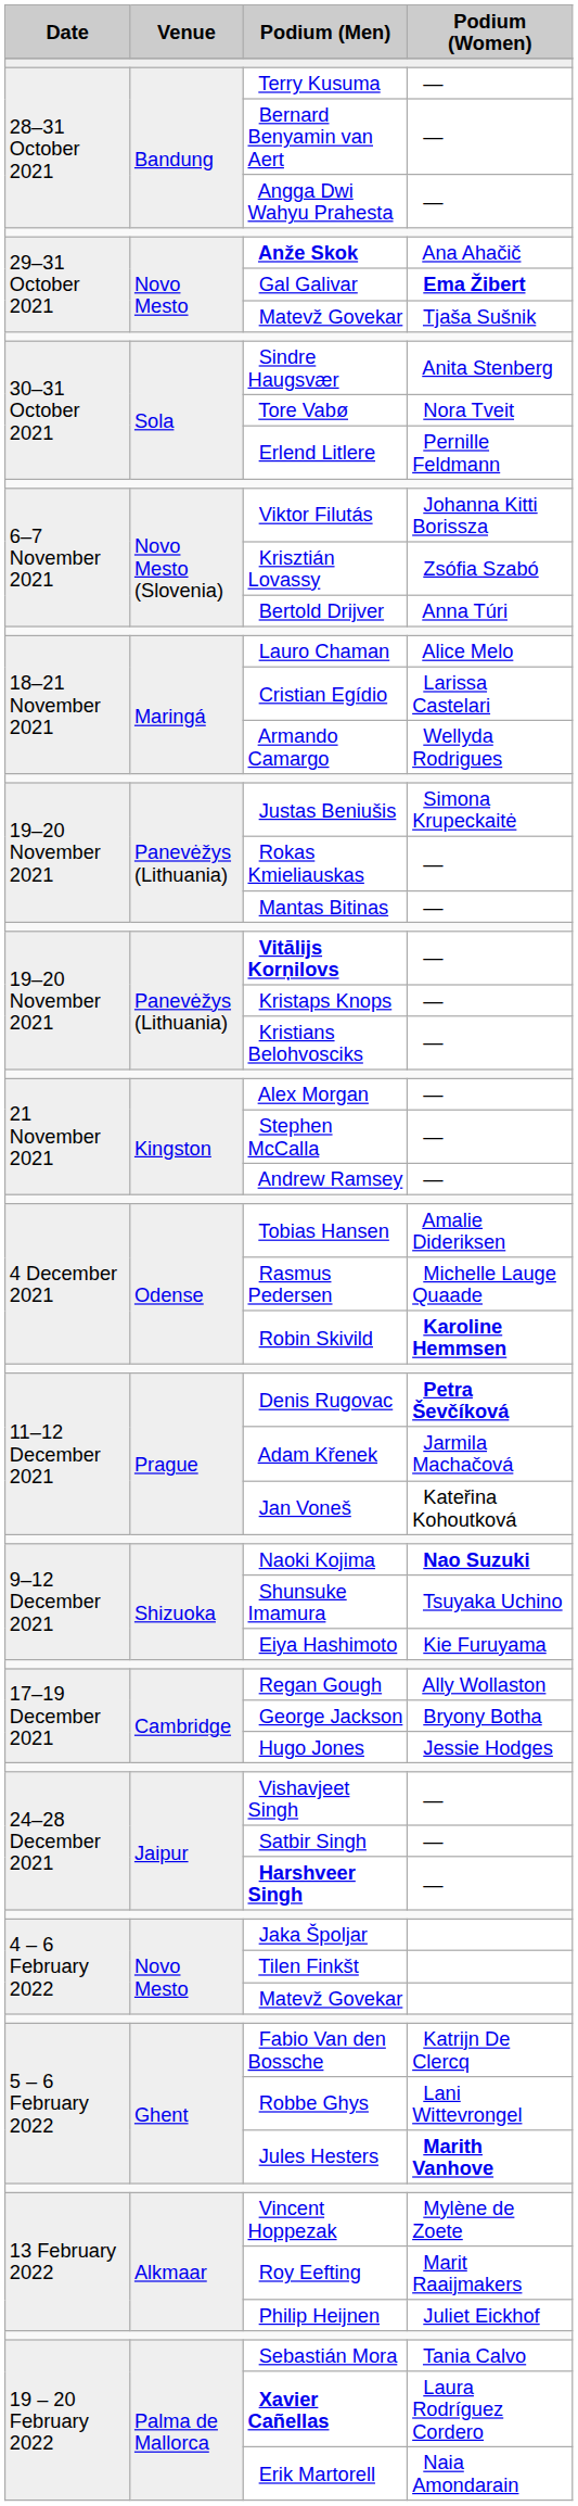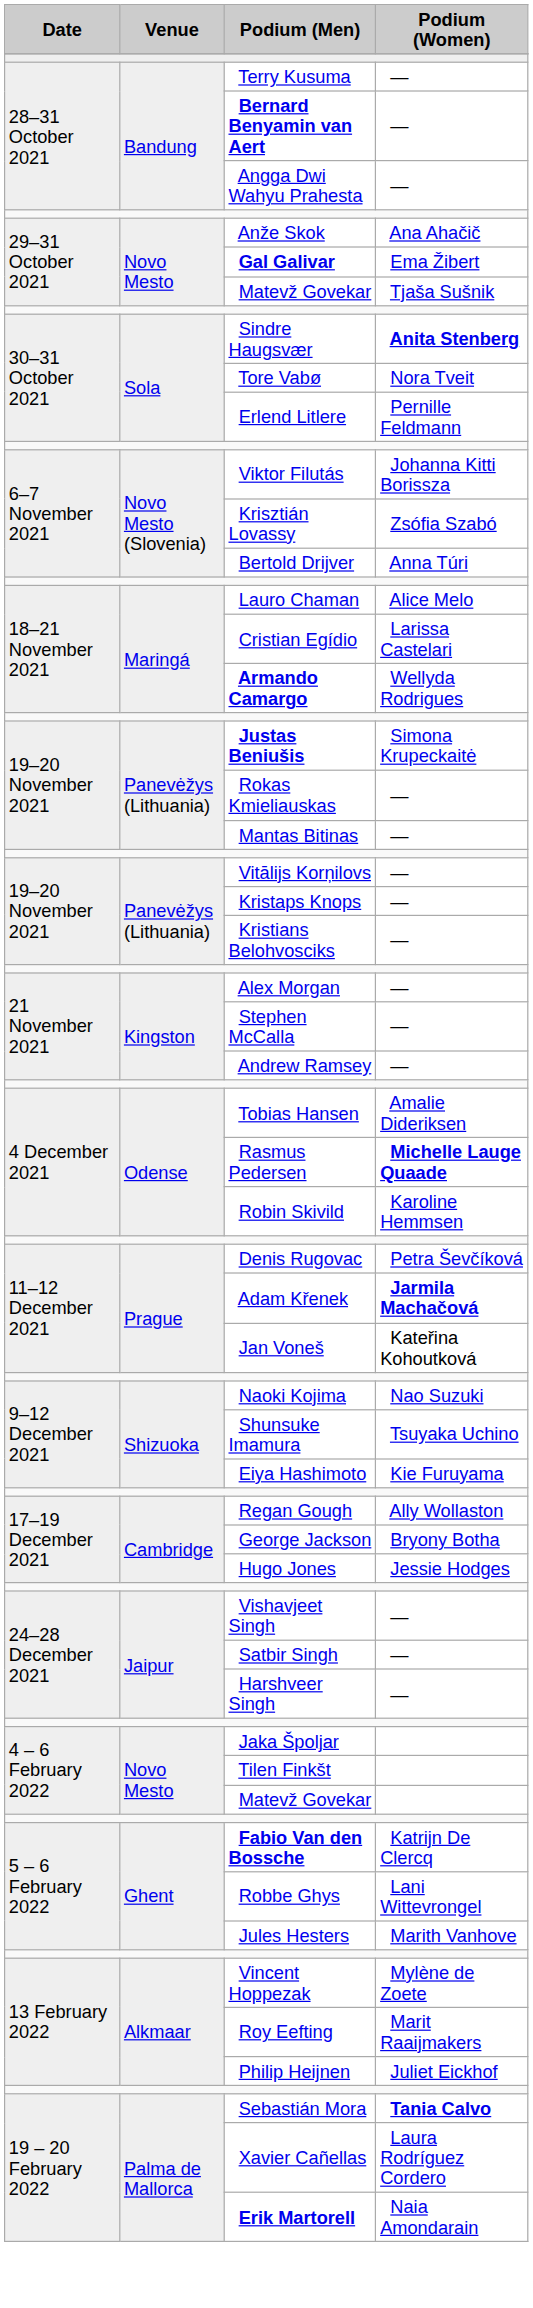 <table class="wikitable" width=70% bgcolor="#f7f8ff" cellpadding="3" cellspacing="0" border="1" style="font-size: 95%; border: gray solid 1px; border-collapse: collapse;">
 <tr bgcolor="#CCCCCC">
 <td align="center"><strong>Date</strong></td>
 <td width=20% align="center"><strong>Venue</strong></td>
 <td width=29% align="center"><strong>Podium (Men)</strong></td>
 <td width=29% align="center"><strong>Podium (Women)</strong></td>
 </tr>
 <tr bgcolor="#EFEFEF">
 </tr>
 <tr>
 </tr>
 <tr bgcolor="#EFEFEF">
 <td colspan=4></td>
 </tr>
 <tr bgcolor="#EFEFEF">
 <td rowspan=3>28–31 October 2021</td>
 <td rowspan=3><br><a href='#'>Bandung</a></td>
 <td bgcolor="#ffffff">   <a href='#'>Terry Kusuma</a></td>
 <td bgcolor="#ffffff">   —</td>
 </tr>
 <tr>
-<td bgcolor="#ffffff">   <a href='#'>Bernard Benyamin van Aert</a></td>
+<td bgcolor="#ffffff"><strong>   <a href='#'>Bernard Benyamin van Aert</a></strong></td>
 <td bgcolor="#ffffff">   —</td>
 </tr>
 <tr>
 <td bgcolor="#ffffff">   <a href='#'>Angga Dwi Wahyu Prahesta</a></td>
 <td bgcolor="#ffffff">   —</td>
 </tr>
 <tr>
 <td colspan=4></td>
 </tr>
 <tr bgcolor="#EFEFEF">
 <td rowspan=3>29–31 October 2021</td>
 <td rowspan=3><br><a href='#'>Novo Mesto</a></td>
-<td bgcolor="#ffffff"><strong>   <a href='#'>Anže Skok</a></strong></td>
+<td bgcolor="#ffffff">   <a href='#'>Anže Skok</a></td>
 <td bgcolor="#ffffff">   <a href='#'>Ana Ahačič</a></td>
 </tr>
 <tr>
-<td bgcolor="#ffffff">   <a href='#'>Gal Galivar</a></td>
-<td bgcolor="#ffffff"><strong>   <a href='#'>Ema Žibert</a></strong></td>
+<td bgcolor="#ffffff"><strong>   <a href='#'>Gal Galivar</a></strong></td>
+<td bgcolor="#ffffff">   <a href='#'>Ema Žibert</a></td>
 </tr>
 <tr>
 <td bgcolor="#ffffff">   <a href='#'>Matevž Govekar</a></td>
 <td bgcolor="#ffffff">   <a href='#'>Tjaša Sušnik</a></td>
 </tr>
 <tr>
 <td colspan=4></td>
 </tr>
 <tr bgcolor="#EFEFEF">
 <td rowspan=3>30–31 October 2021</td>
 <td rowspan=3><br><a href='#'>Sola</a></td>
 <td bgcolor="#ffffff">   <a href='#'>Sindre Haugsvær</a></td>
-<td bgcolor="#ffffff">   <a href='#'>Anita Stenberg</a></td>
+<td bgcolor="#ffffff"><strong>   <a href='#'>Anita Stenberg</a></strong></td>
 </tr>
 <tr>
 <td bgcolor="#ffffff">   <a href='#'>Tore Vabø</a></td>
 <td bgcolor="#ffffff">   <a href='#'>Nora Tveit</a></td>
 </tr>
 <tr>
 <td bgcolor="#ffffff">   <a href='#'>Erlend Litlere</a></td>
 <td bgcolor="#ffffff">   <a href='#'>Pernille Feldmann</a></td>
 </tr>
 <tr>
 <td colspan=4></td>
 </tr>
 <tr bgcolor="#EFEFEF">
 <td rowspan=3>6–7 November 2021</td>
 <td rowspan=3><br><a href='#'>Novo Mesto</a> (Slovenia)</td>
 <td bgcolor="#ffffff">   <a href='#'>Viktor Filutás</a></td>
 <td bgcolor="#ffffff">   <a href='#'>Johanna Kitti Borissza</a></td>
 </tr>
 <tr>
 <td bgcolor="#ffffff">   <a href='#'>Krisztián Lovassy</a></td>
 <td bgcolor="#ffffff">   <a href='#'>Zsófia Szabó</a></td>
 </tr>
 <tr>
 <td bgcolor="#ffffff">   <a href='#'>Bertold Drijver</a></td>
 <td bgcolor="#ffffff">   <a href='#'>Anna Túri</a></td>
 </tr>
 <tr>
 <td colspan=4></td>
 </tr>
 <tr bgcolor="#EFEFEF">
 <td rowspan=3>18–21 November 2021</td>
 <td rowspan=3><br><a href='#'>Maringá</a></td>
 <td bgcolor="#ffffff">   <a href='#'>Lauro Chaman</a></td>
 <td bgcolor="#ffffff">   <a href='#'>Alice Melo</a></td>
 </tr>
 <tr>
 <td bgcolor="#ffffff">   <a href='#'>Cristian Egídio</a></td>
 <td bgcolor="#ffffff">   <a href='#'>Larissa Castelari</a></td>
 </tr>
 <tr>
-<td bgcolor="#ffffff">   <a href='#'>Armando Camargo</a></td>
+<td bgcolor="#ffffff"><strong>   <a href='#'>Armando Camargo</a></strong></td>
 <td bgcolor="#ffffff">   <a href='#'>Wellyda Rodrigues</a></td>
 </tr>
 <tr>
 <td colspan=4></td>
 </tr>
 <tr bgcolor="#EFEFEF">
 <td rowspan=3>19–20 November 2021</td>
 <td rowspan=3><br><a href='#'>Panevėžys</a> (Lithuania)</td>
-<td bgcolor="#ffffff">   <a href='#'>Justas Beniušis</a></td>
+<td bgcolor="#ffffff"><strong>   <a href='#'>Justas Beniušis</a></strong></td>
 <td bgcolor="#ffffff">   <a href='#'>Simona Krupeckaitė</a></td>
 </tr>
 <tr>
 <td bgcolor="#ffffff">   <a href='#'>Rokas Kmieliauskas</a></td>
 <td bgcolor="#ffffff">   —</td>
 </tr>
 <tr>
 <td bgcolor="#ffffff">   <a href='#'>Mantas Bitinas</a></td>
 <td bgcolor="#ffffff">   —</td>
 </tr>
 <tr>
 <td colspan=4></td>
 </tr>
 <tr bgcolor="#EFEFEF">
 <td rowspan=3>19–20 November 2021</td>
 <td rowspan=3><br><a href='#'>Panevėžys</a> (Lithuania)</td>
-<td bgcolor="#ffffff"><strong>   <a href='#'>Vitālijs Korņilovs</a></strong></td>
+<td bgcolor="#ffffff">   <a href='#'>Vitālijs Korņilovs</a></td>
 <td bgcolor="#ffffff">   —</td>
 </tr>
 <tr>
 <td bgcolor="#ffffff">   <a href='#'>Kristaps Knops</a></td>
 <td bgcolor="#ffffff">   —</td>
 </tr>
 <tr>
 <td bgcolor="#ffffff">   <a href='#'>Kristians Belohvosciks</a></td>
 <td bgcolor="#ffffff">   —</td>
 </tr>
 <tr>
 <td colspan=4></td>
 </tr>
 <tr bgcolor="#EFEFEF">
 <td rowspan=3>21 November 2021</td>
 <td rowspan=3><br><a href='#'>Kingston</a></td>
 <td bgcolor="#ffffff">   <a href='#'>Alex Morgan</a></td>
 <td bgcolor="#ffffff">   —</td>
 </tr>
 <tr>
 <td bgcolor="#ffffff">   <a href='#'>Stephen McCalla</a></td>
 <td bgcolor="#ffffff">   —</td>
 </tr>
 <tr>
 <td bgcolor="#ffffff">   <a href='#'>Andrew Ramsey</a></td>
 <td bgcolor="#ffffff">   —</td>
 </tr>
 <tr>
 <td colspan=4></td>
 </tr>
 <tr bgcolor="#EFEFEF">
 <td rowspan=3>4 December 2021</td>
 <td rowspan=3><br><a href='#'>Odense</a></td>
 <td bgcolor="#ffffff">   <a href='#'>Tobias Hansen</a></td>
 <td bgcolor="#ffffff">   <a href='#'>Amalie Dideriksen</a></td>
 </tr>
 <tr>
 <td bgcolor="#ffffff">   <a href='#'>Rasmus Pedersen</a></td>
-<td bgcolor="#ffffff">   <a href='#'>Michelle Lauge Quaade</a></td>
+<td bgcolor="#ffffff"><strong>   <a href='#'>Michelle Lauge Quaade</a></strong></td>
 </tr>
 <tr>
 <td bgcolor="#ffffff">   <a href='#'>Robin Skivild</a></td>
-<td bgcolor="#ffffff"><strong>   <a href='#'>Karoline Hemmsen</a></strong></td>
+<td bgcolor="#ffffff">   <a href='#'>Karoline Hemmsen</a></td>
 </tr>
 <tr>
 <td colspan=4></td>
 </tr>
 <tr bgcolor="#EFEFEF">
 <td rowspan=3>11–12 December 2021</td>
 <td rowspan=3><br><a href='#'>Prague</a></td>
 <td bgcolor="#ffffff">   <a href='#'>Denis Rugovac</a></td>
-<td bgcolor="#ffffff"><strong>   <a href='#'>Petra Ševčíková</a></strong></td>
+<td bgcolor="#ffffff">   <a href='#'>Petra Ševčíková</a></td>
 </tr>
 <tr>
 <td bgcolor="#ffffff">   <a href='#'>Adam Křenek</a></td>
-<td bgcolor="#ffffff">   <a href='#'>Jarmila Machačová</a></td>
+<td bgcolor="#ffffff"><strong>   <a href='#'>Jarmila Machačová</a></strong></td>
 </tr>
 <tr>
 <td bgcolor="#ffffff">   <a href='#'>Jan Voneš</a></td>
 <td bgcolor="#ffffff">   Kateřina Kohoutková</td>
 </tr>
 <tr>
 <td colspan=4></td>
 </tr>
 <tr bgcolor="#EFEFEF">
 <td rowspan=3>9–12 December 2021</td>
 <td rowspan=3><br><a href='#'>Shizuoka</a></td>
 <td bgcolor="#ffffff">   <a href='#'>Naoki Kojima</a></td>
-<td bgcolor="#ffffff"><strong>   <a href='#'>Nao Suzuki</a></strong></td>
+<td bgcolor="#ffffff">   <a href='#'>Nao Suzuki</a></td>
 </tr>
 <tr>
 <td bgcolor="#ffffff">   <a href='#'>Shunsuke Imamura</a></td>
 <td bgcolor="#ffffff">   <a href='#'>Tsuyaka Uchino</a></td>
 </tr>
 <tr>
 <td bgcolor="#ffffff">   <a href='#'>Eiya Hashimoto</a></td>
 <td bgcolor="#ffffff">   <a href='#'>Kie Furuyama</a></td>
 </tr>
 <tr>
 <td colspan=4></td>
 </tr>
 <tr bgcolor="#EFEFEF">
 <td rowspan=3>17–19 December 2021</td>
 <td rowspan=3><br><a href='#'>Cambridge</a></td>
 <td bgcolor="#ffffff">   <a href='#'>Regan Gough</a></td>
 <td bgcolor="#ffffff">   <a href='#'>Ally Wollaston</a></td>
 </tr>
 <tr>
 <td bgcolor="#ffffff">   <a href='#'>George Jackson</a></td>
 <td bgcolor="#ffffff">   <a href='#'>Bryony Botha</a></td>
 </tr>
 <tr>
 <td bgcolor="#ffffff">   <a href='#'>Hugo Jones</a></td>
 <td bgcolor="#ffffff">   <a href='#'>Jessie Hodges</a></td>
 </tr>
 <tr>
 <td colspan=4></td>
 </tr>
 <tr bgcolor="#EFEFEF">
 <td rowspan=3>24–28 December 2021</td>
 <td rowspan=3><br><a href='#'>Jaipur</a></td>
 <td bgcolor="#ffffff">   <a href='#'>Vishavjeet Singh</a></td>
 <td bgcolor="#ffffff">   —</td>
 </tr>
 <tr>
 <td bgcolor="#ffffff">   <a href='#'>Satbir Singh</a></td>
 <td bgcolor="#ffffff">   —</td>
 </tr>
 <tr>
-<td bgcolor="#ffffff"><strong>   <a href='#'>Harshveer Singh</a></strong></td>
+<td bgcolor="#ffffff">   <a href='#'>Harshveer Singh</a></td>
 <td bgcolor="#ffffff">   —</td>
 </tr>
 <tr>
 <td colspan=4></td>
 </tr>
 <tr bgcolor="#EFEFEF">
 <td rowspan=3>4 – 6 February 2022</td>
 <td rowspan=3><br><a href='#'>Novo Mesto</a></td>
 <td bgcolor="#ffffff">   <a href='#'>Jaka Špoljar</a></td>
 <td bgcolor="#ffffff">   <a href='#'></a></td>
 </tr>
 <tr>
 <td bgcolor="#ffffff">   <a href='#'>Tilen Finkšt</a></td>
 <td bgcolor="#ffffff">   <a href='#'></a></td>
 </tr>
 <tr>
 <td bgcolor="#ffffff">   <a href='#'>Matevž Govekar</a></td>
 <td bgcolor="#ffffff">   <a href='#'></a></td>
 </tr>
 <tr>
 <td colspan=4></td>
 </tr>
 <tr bgcolor="#EFEFEF">
 <td rowspan=3>5 – 6 February 2022</td>
 <td rowspan=3><br><a href='#'>Ghent</a></td>
-<td bgcolor="#ffffff">   <a href='#'>Fabio Van den Bossche</a></td>
+<td bgcolor="#ffffff"><strong>   <a href='#'>Fabio Van den Bossche</a></strong></td>
 <td bgcolor="#ffffff">   <a href='#'>Katrijn De Clercq</a></td>
 </tr>
 <tr>
 <td bgcolor="#ffffff">   <a href='#'>Robbe Ghys</a></td>
 <td bgcolor="#ffffff">   <a href='#'>Lani Wittevrongel</a></td>
 </tr>
 <tr>
 <td bgcolor="#ffffff">   <a href='#'>Jules Hesters</a></td>
-<td bgcolor="#ffffff"><strong>   <a href='#'>Marith Vanhove</a></strong></td>
+<td bgcolor="#ffffff">   <a href='#'>Marith Vanhove</a></td>
 </tr>
 <tr>
 <td colspan=4></td>
 </tr>
 <tr bgcolor="#EFEFEF">
 <td rowspan=3>13 February 2022</td>
 <td rowspan=3><br><a href='#'>Alkmaar</a></td>
 <td bgcolor="#ffffff">   <a href='#'>Vincent Hoppezak</a></td>
 <td bgcolor="#ffffff">   <a href='#'>Mylène de Zoete</a></td>
 </tr>
 <tr>
 <td bgcolor="#ffffff">   <a href='#'>Roy Eefting</a></td>
 <td bgcolor="#ffffff">   <a href='#'>Marit Raaijmakers</a></td>
 </tr>
 <tr>
 <td bgcolor="#ffffff">   <a href='#'>Philip Heijnen</a></td>
 <td bgcolor="#ffffff">   <a href='#'>Juliet Eickhof</a></td>
 </tr>
 <tr>
 <td colspan=4></td>
 </tr>
 <tr bgcolor="#EFEFEF">
 <td rowspan=3>19 – 20 February 2022</td>
 <td rowspan=3><br><a href='#'>Palma de Mallorca</a></td>
 <td bgcolor="#ffffff">   <a href='#'>Sebastián Mora</a></td>
-<td bgcolor="#ffffff">   <a href='#'>Tania Calvo</a></td>
+<td bgcolor="#ffffff"><strong>   <a href='#'>Tania Calvo</a></strong></td>
 </tr>
 <tr>
-<td bgcolor="#ffffff"><strong>   <a href='#'>Xavier Cañellas</a></strong></td>
+<td bgcolor="#ffffff">   <a href='#'>Xavier Cañellas</a></td>
 <td bgcolor="#ffffff">   <a href='#'>Laura Rodríguez Cordero</a></td>
 </tr>
 <tr>
-<td bgcolor="#ffffff">   <a href='#'>Erik Martorell</a></td>
+<td bgcolor="#ffffff"><strong>   <a href='#'>Erik Martorell</a></strong></td>
 <td bgcolor="#ffffff">   <a href='#'>Naia Amondarain</a></td>
 </tr>
 </table>
